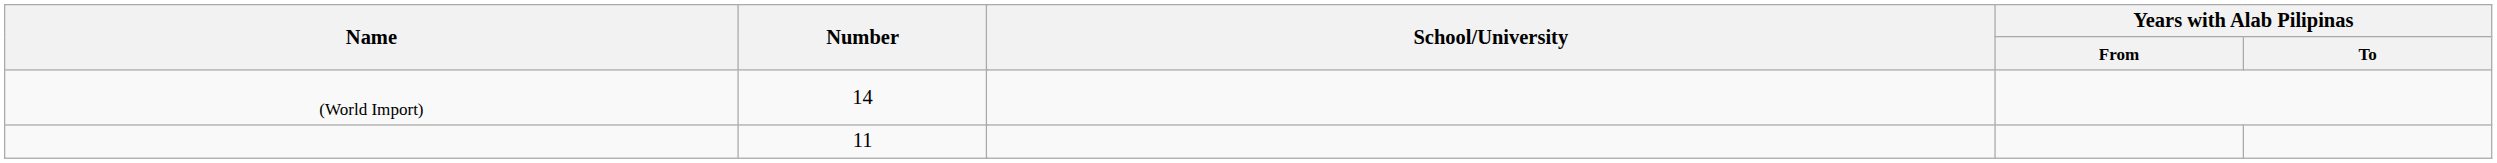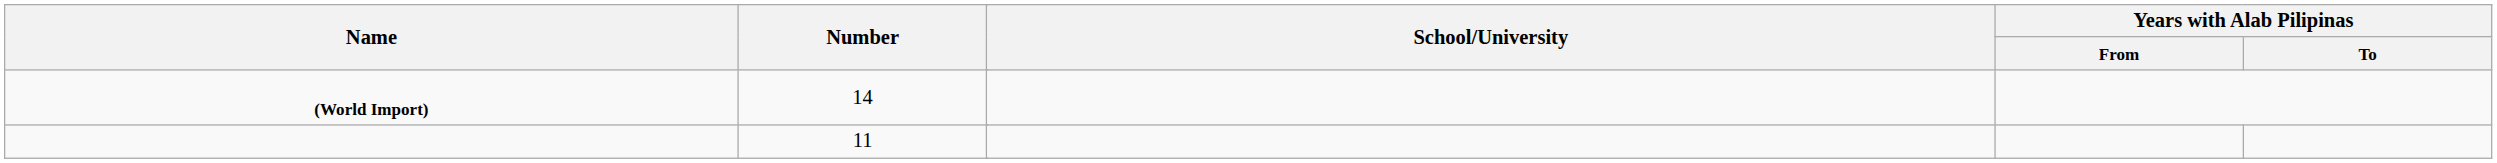 <table class="wikitable sortable" style="text-align:center" width="98%">
 <tr>
 <th style="width:180px;" rowspan="2">Name</th>
 <th style="width:10%;" colspan="2" rowspan="2">Number</th>
 <th style="width:250px;" rowspan="2">School/University</th>
 <th style="width:180px; text-align:center;" colspan="2">Years with Alab Pilipinas</th>
 </tr>
 <tr>
 <th style="width:10%; text-align:center;"><small>From</small></th>
 <th style="width:10%; text-align:center;"><small>To</small></th>
 </tr>
 <tr>
-<td><br><small>(World Import)</small></td>
+<td><strong><br><small>(World Import)</small></strong></td>
 <td colspan="2">14</td>
 <td></td>
 <td colspan="2"></td>
 </tr>
 <tr>
 <td></td>
 <td colspan="2">11</td>
 <td></td>
 <td></td>
 <td></td>
 </tr>
 </table>
